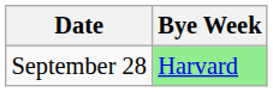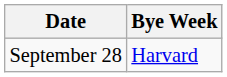 <table class="wikitable" style="font-size:95%;">
 <tr>
 <th>Date</th>
 <th colspan="1">Bye Week</th>
 </tr>
 <tr>
 <td>September 28</td>
-<td style="background: lightgreen;"><a href='#'>Harvard</a></td>
+<td><a href='#'>Harvard</a></td>
 </tr>
 </table>
